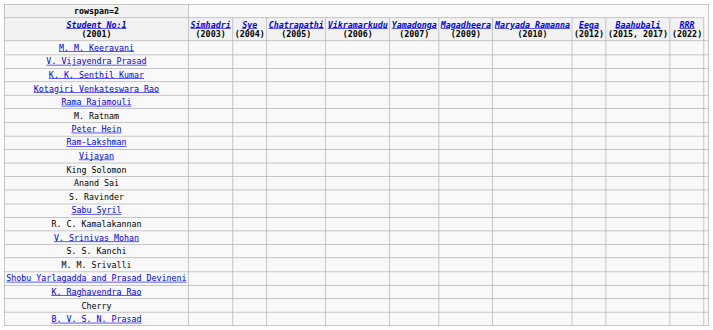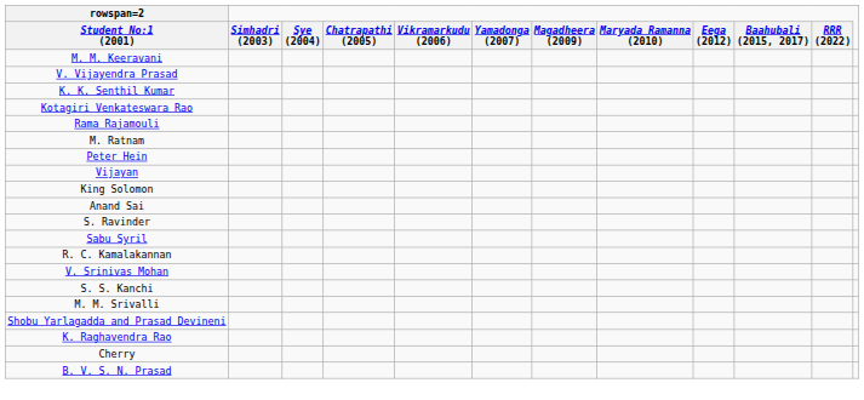 <table class="wikitable sortable mw-collapsible" style="text-align:center;">
 <tr>
 <th>rowspan=2 </th>
 </tr>
 <tr>
 <th><em><a href='#'>Student No:1</a></em><br>(2001)</th>
 <th><em><a href='#'>Simhadri</a></em><br>(2003)</th>
 <th><em><a href='#'>Sye</a></em><br>(2004)</th>
 <th><em><a href='#'>Chatrapathi</a></em><br>(2005)</th>
 <th><em><a href='#'>Vikramarkudu</a></em><br>(2006)</th>
 <th><em><a href='#'>Yamadonga</a></em><br>(2007)</th>
 <th><em><a href='#'>Magadheera</a></em><br>(2009)</th>
 <th><em><a href='#'>Maryada Ramanna</a></em><br>(2010)</th>
 <th><em><a href='#'>Eega</a></em><br>(2012)</th>
 <th><em><a href='#'>Baahubali</a></em><br>(2015, 2017)</th>
 <th><em><a href='#'>RRR</a></em><br>(2022)</th>
 </tr>
 <tr>
 <td><a href='#'>M. M. Keeravani</a></td>
 <td></td>
 <td></td>
 <td></td>
 <td></td>
 <td></td>
 <td></td>
 <td></td>
 <td></td>
 <td></td>
 <td></td>
 <td></td>
 </tr>
 <tr>
 <td><a href='#'>V. Vijayendra Prasad</a></td>
 <td></td>
 <td></td>
 <td></td>
 <td></td>
 <td></td>
 <td></td>
 <td></td>
 <td></td>
 <td></td>
 <td></td>
 <td></td>
 </tr>
 <tr>
 <td><a href='#'>K. K. Senthil Kumar</a></td>
 <td></td>
 <td></td>
 <td></td>
 <td></td>
 <td></td>
 <td></td>
 <td></td>
 <td></td>
 <td></td>
 <td></td>
 <td></td>
 </tr>
 <tr>
 <td><a href='#'>Kotagiri Venkateswara Rao</a></td>
 <td></td>
 <td></td>
 <td></td>
 <td></td>
 <td></td>
 <td></td>
 <td></td>
 <td></td>
 <td></td>
 <td></td>
 <td></td>
 </tr>
 <tr>
 <td><a href='#'>Rama Rajamouli</a></td>
 <td></td>
 <td></td>
 <td></td>
 <td></td>
 <td></td>
 <td></td>
 <td></td>
 <td></td>
 <td></td>
 <td></td>
 <td></td>
 </tr>
 <tr>
 <td>M. Ratnam</td>
 <td></td>
 <td></td>
 <td></td>
 <td></td>
 <td></td>
 <td></td>
 <td></td>
 <td></td>
 <td></td>
 <td></td>
 <td></td>
 </tr>
 <tr>
 <td><a href='#'>Peter Hein</a></td>
-<td></td>
-<td></td>
-<td></td>
-<td></td>
-<td></td>
-<td></td>
-<td></td>
-<td></td>
-<td></td>
-<td></td>
-<td></td>
-</tr>
-<tr>
-<td><a href='#'>Ram-Lakshman</a></td>
 <td></td>
 <td></td>
 <td></td>
 <td></td>
 <td></td>
 <td></td>
 <td></td>
 <td></td>
 <td></td>
 <td></td>
 <td></td>
 </tr>
 <tr>
 <td><a href='#'>Vijayan</a></td>
 <td></td>
 <td></td>
 <td></td>
 <td></td>
 <td></td>
 <td></td>
 <td></td>
 <td></td>
 <td></td>
 <td></td>
 <td></td>
 </tr>
 <tr>
 <td>King Solomon</td>
 <td></td>
 <td></td>
 <td></td>
 <td></td>
 <td></td>
 <td></td>
 <td></td>
 <td></td>
 <td></td>
 <td></td>
 <td></td>
 </tr>
 <tr>
 <td>Anand Sai</td>
 <td></td>
 <td></td>
 <td></td>
 <td></td>
 <td></td>
 <td></td>
 <td></td>
 <td></td>
 <td></td>
 <td></td>
 <td></td>
 </tr>
 <tr>
 <td>S. Ravinder</td>
 <td></td>
 <td></td>
 <td></td>
 <td></td>
 <td></td>
 <td></td>
 <td></td>
 <td></td>
 <td></td>
 <td></td>
 <td></td>
 </tr>
 <tr>
 <td><a href='#'>Sabu Syril</a></td>
 <td></td>
 <td></td>
 <td></td>
 <td></td>
 <td></td>
 <td></td>
 <td></td>
 <td></td>
 <td></td>
 <td></td>
 <td></td>
 </tr>
 <tr>
 <td>R. C. Kamalakannan</td>
 <td></td>
 <td></td>
 <td></td>
 <td></td>
 <td></td>
 <td></td>
 <td></td>
 <td></td>
 <td></td>
 <td></td>
 <td></td>
 </tr>
 <tr>
 <td><a href='#'>V. Srinivas Mohan</a></td>
 <td></td>
 <td></td>
 <td></td>
 <td></td>
 <td></td>
 <td></td>
 <td></td>
 <td></td>
 <td></td>
 <td></td>
 <td></td>
 </tr>
 <tr>
 <td>S. S. Kanchi</td>
 <td></td>
 <td></td>
 <td></td>
 <td></td>
 <td></td>
 <td></td>
 <td></td>
 <td></td>
 <td></td>
 <td></td>
 <td></td>
 </tr>
 <tr>
 <td>M. M. Srivalli</td>
 <td></td>
 <td></td>
 <td></td>
 <td></td>
 <td></td>
 <td></td>
 <td></td>
 <td></td>
 <td></td>
 <td></td>
 <td></td>
 </tr>
 <tr>
 <td><a href='#'>Shobu Yarlagadda and Prasad Devineni</a></td>
 <td></td>
 <td></td>
 <td></td>
 <td></td>
 <td></td>
 <td></td>
 <td></td>
 <td></td>
 <td></td>
 <td></td>
 <td></td>
 </tr>
 <tr>
 <td><a href='#'>K. Raghavendra Rao</a></td>
 <td></td>
 <td></td>
 <td></td>
 <td></td>
 <td></td>
 <td></td>
 <td></td>
 <td></td>
 <td></td>
 <td></td>
 <td></td>
 </tr>
 <tr>
 <td>Cherry</td>
 <td></td>
 <td></td>
 <td></td>
 <td></td>
 <td></td>
 <td></td>
 <td></td>
 <td></td>
 <td></td>
 <td></td>
 <td></td>
 </tr>
 <tr>
 <td><a href='#'>B. V. S. N. Prasad</a></td>
 <td></td>
 <td></td>
 <td></td>
 <td></td>
 <td></td>
 <td></td>
 <td></td>
 <td></td>
 <td></td>
 <td></td>
 <td></td>
 </tr>
 </table>
